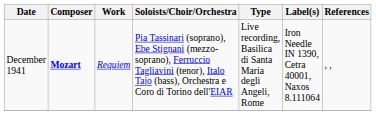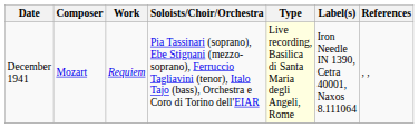 <table class="wikitable">
 <tr>
 <th>Date</th>
 <th>Composer</th>
 <th>Work</th>
 <th>Soloists/Choir/Orchestra</th>
 <th>Type</th>
 <th>Label(s)</th>
 <th>References</th>
 </tr>
 <tr>
 <td>December 1941</td>
-<td><strong><a href='#'>Mozart</a></strong></td>
+<td><a href='#'>Mozart</a></td>
 <td><em><a href='#'>Requiem</a></em></td>
 <td><a href='#'>Pia Tassinari</a> (soprano), <a href='#'>Ebe Stignani</a> (mezzo-soprano), <a href='#'>Ferruccio Tagliavini</a> (tenor), <a href='#'>Italo Tajo</a> (bass), Orchestra e Coro di Torino dell'<a href='#'>EIAR</a></td>
-<td>Live recording, Basilica di Santa Maria degli Angeli, Rome</td>
+<td style="background: lightyellow;">Live recording, Basilica di Santa Maria degli Angeli, Rome</td>
 <td>Iron Needle IN 1390, Cetra 40001, Naxos 8.111064</td>
 <td>, ,</td>
 </tr>
 <tr>
 </tr>
 </table>
